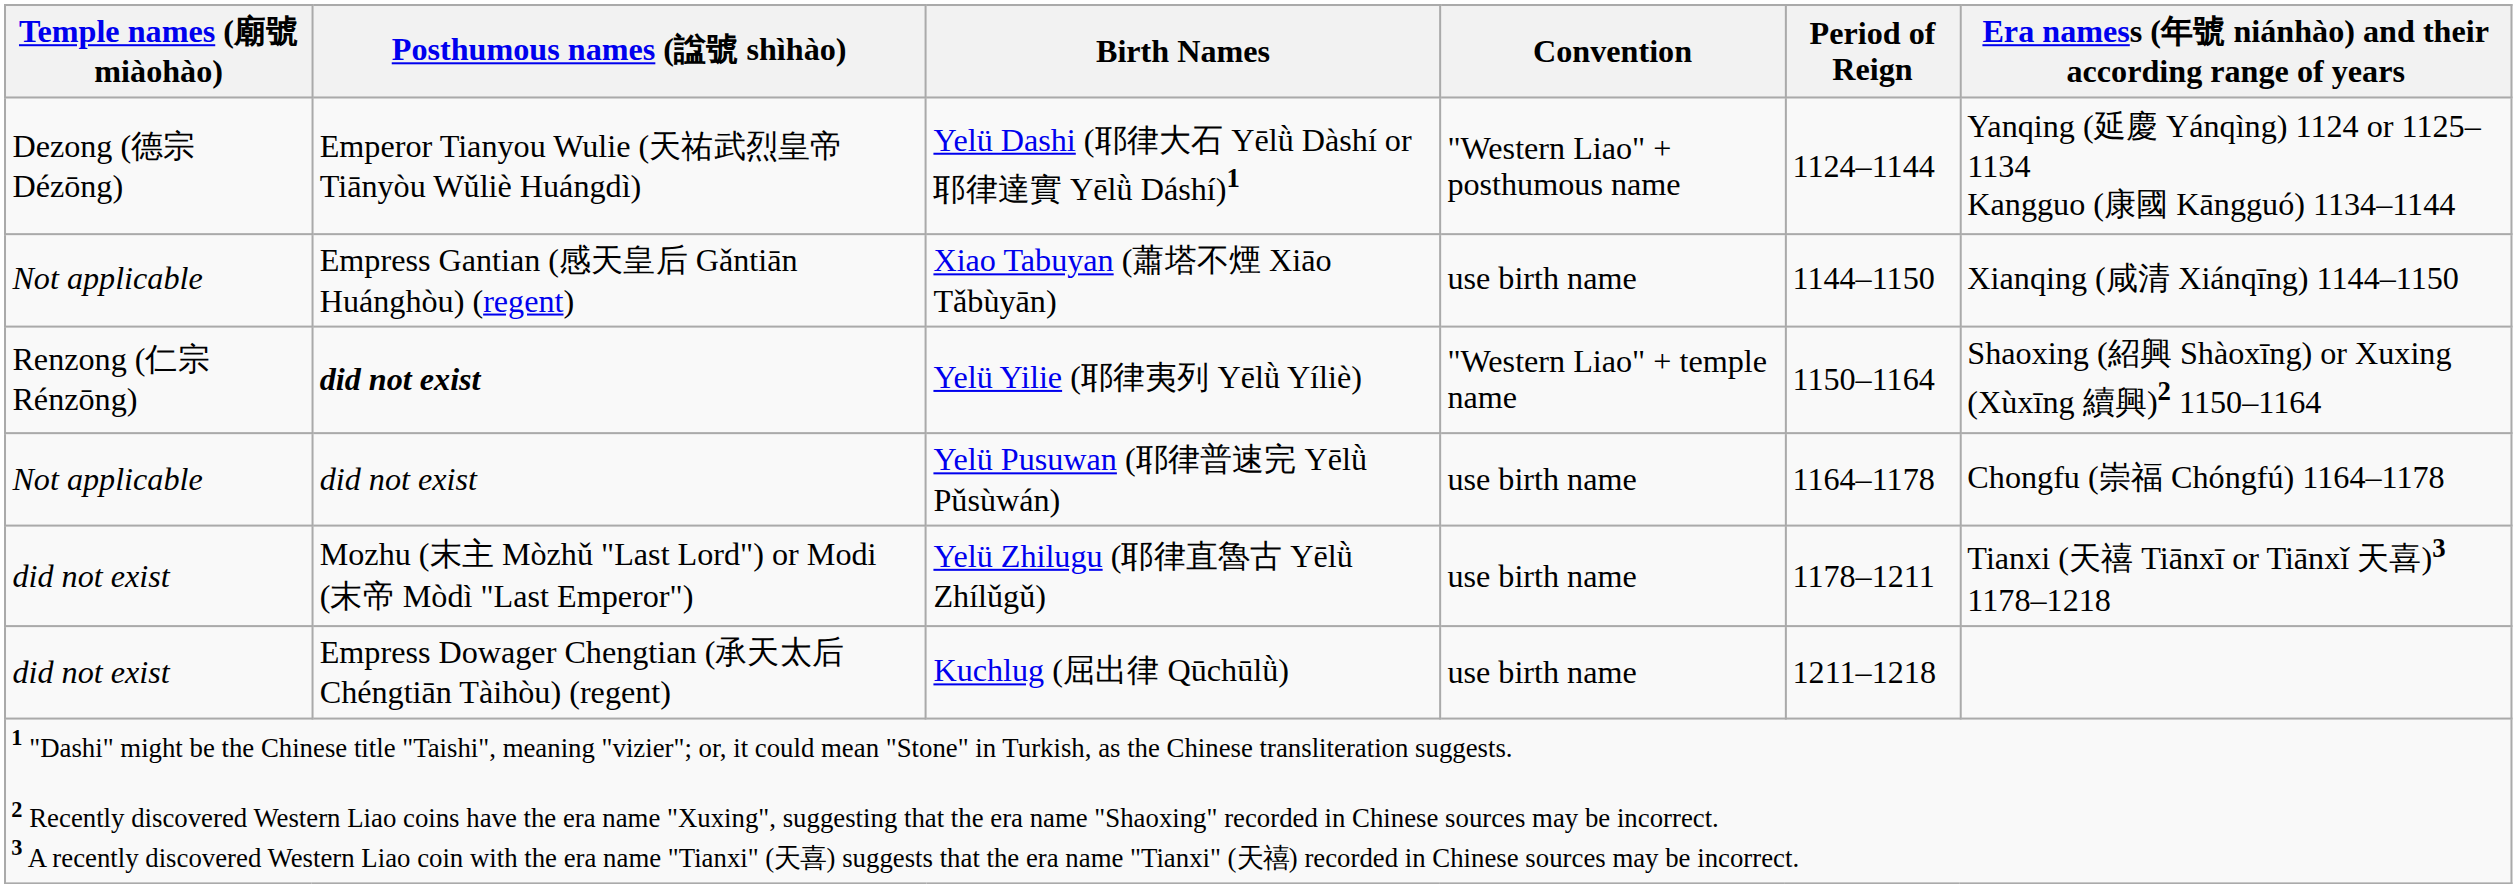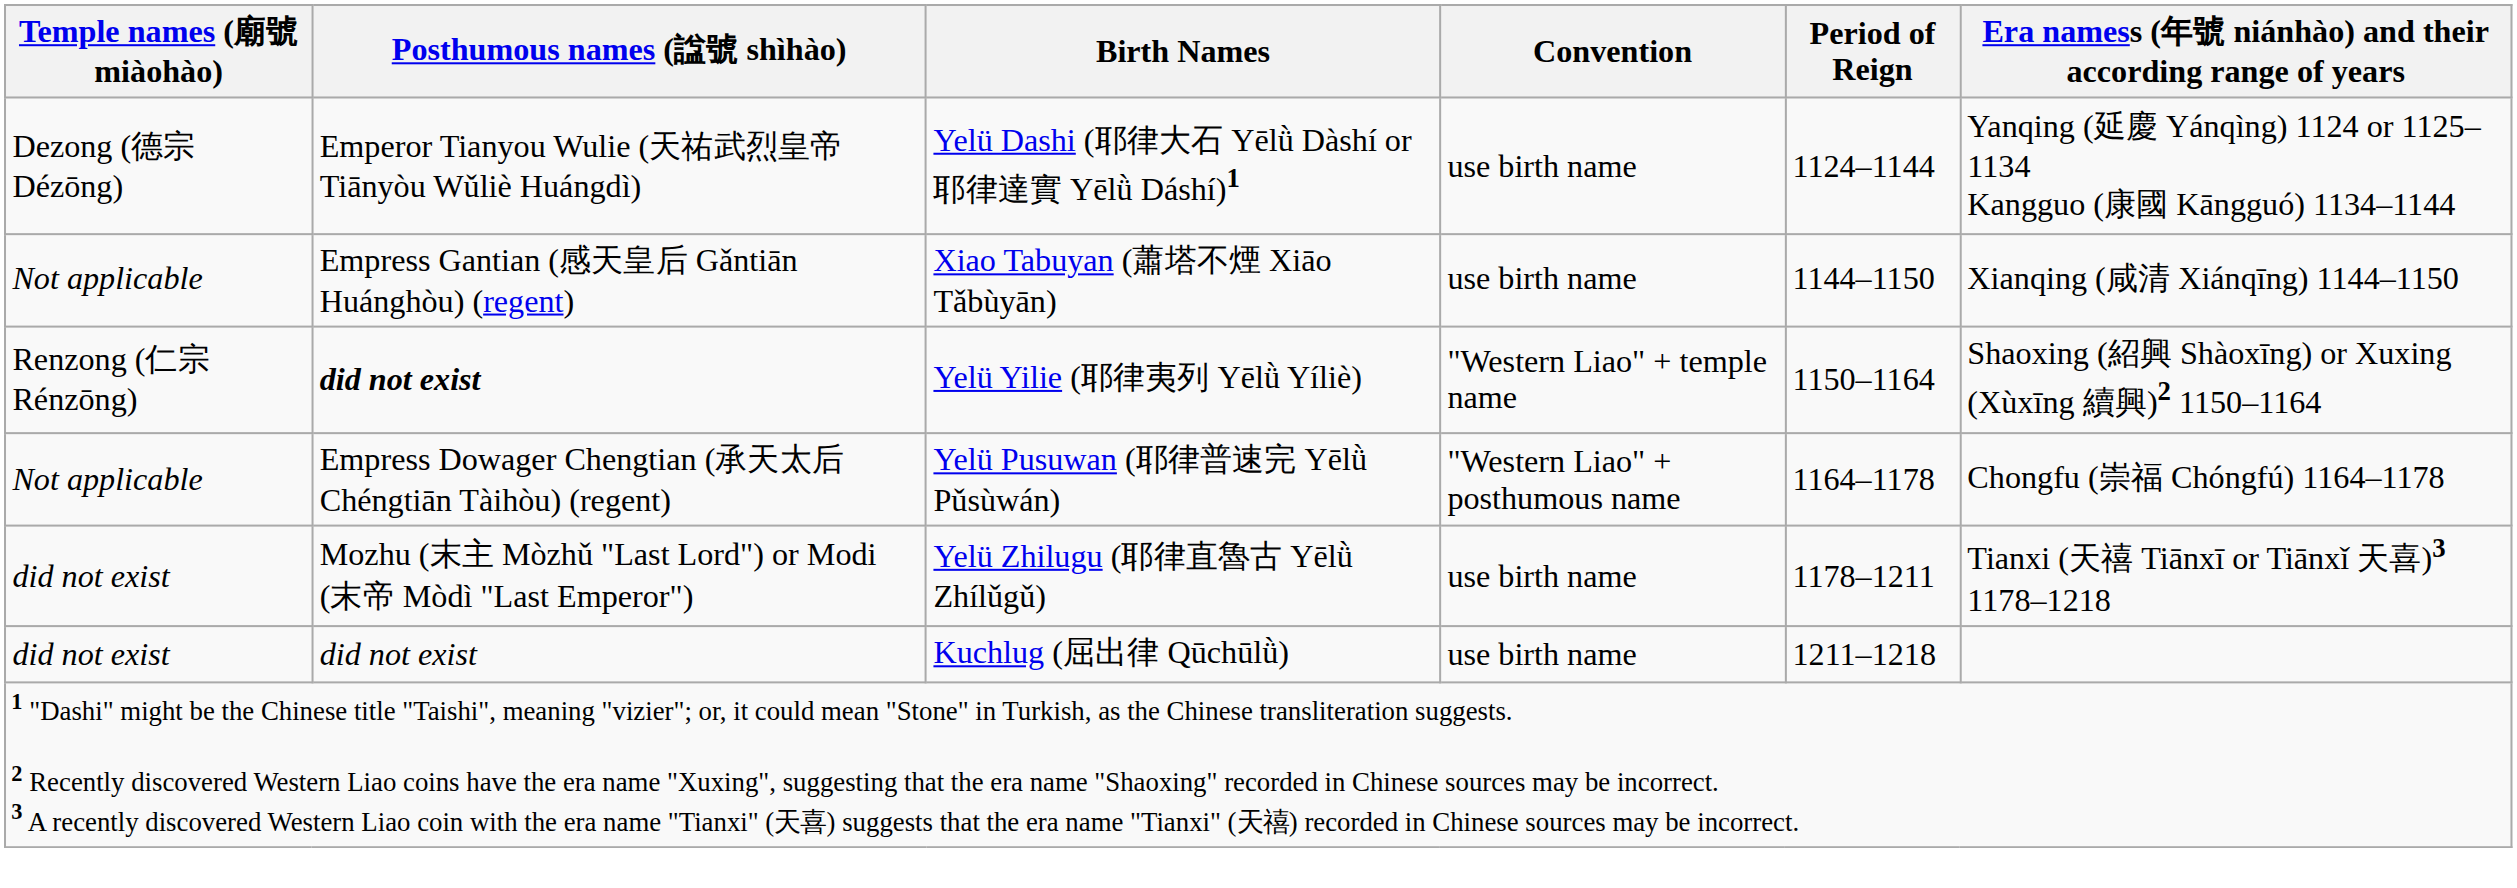 <table class="wikitable">
 <tr>
 <th><a href='#'>Temple names</a> (廟號 miàohào)</th>
 <th><a href='#'>Posthumous names</a> (諡號 shìhào)</th>
 <th>Birth Names</th>
 <th>Convention</th>
 <th>Period of Reign</th>
 <th><a href='#'>Era names</a>s (年號 niánhào) and their according range of years</th>
 </tr>
 <tr>
 <td>Dezong (德宗 Dézōng)</td>
 <td>Emperor Tianyou Wulie (天祐武烈皇帝 Tiānyòu Wǔliè Huángdì)</td>
 <td><a href='#'>Yelü Dashi</a> (耶律大石 Yēlǜ Dàshí or 耶律達實 Yēlǜ Dáshí)<sup><strong>1</strong></sup></td>
-<td>"Western Liao" + posthumous name</td>
+<td>use birth name</td>
 <td>1124–1144</td>
 <td>Yanqing (延慶 Yánqìng) 1124 or 1125–1134<br>Kangguo (康國 Kāngguó) 1134–1144</td>
 </tr>
 <tr>
 <td><em>Not applicable</em></td>
 <td>Empress Gantian (感天皇后 Gǎntiān Huánghòu) (<a href='#'>regent</a>)</td>
 <td><a href='#'>Xiao Tabuyan</a> (蕭塔不煙 Xiāo Tǎbùyān)</td>
 <td>use birth name</td>
 <td>1144–1150</td>
 <td>Xianqing (咸清 Xiánqīng) 1144–1150</td>
 </tr>
 <tr>
 <td>Renzong (仁宗 Rénzōng)</td>
 <td><strong><em>did not exist</em></strong></td>
 <td><a href='#'>Yelü Yilie</a> (耶律夷列 Yēlǜ Yíliè)</td>
 <td>"Western Liao" + temple name</td>
 <td>1150–1164</td>
 <td>Shaoxing (紹興 Shàoxīng) or Xuxing (Xùxīng 續興)<sup><strong>2</strong></sup> 1150–1164</td>
 </tr>
 <tr>
 <td><em>Not applicable</em></td>
-<td><em>did not exist</em></td>
+<td>Empress Dowager Chengtian (承天太后 Chéngtiān Tàihòu) (regent)</td>
 <td><a href='#'>Yelü Pusuwan</a> (耶律普速完 Yēlǜ Pǔsùwán)</td>
-<td>use birth name</td>
+<td>"Western Liao" + posthumous name</td>
 <td>1164–1178</td>
 <td>Chongfu (崇福 Chóngfú) 1164–1178</td>
 </tr>
 <tr>
 <td><em>did not exist</em></td>
 <td>Mozhu (末主 Mòzhǔ "Last Lord") or Modi (末帝 Mòdì "Last Emperor")</td>
 <td><a href='#'>Yelü Zhilugu</a> (耶律直魯古 Yēlǜ Zhílǔgǔ)</td>
 <td>use birth name</td>
 <td>1178–1211</td>
 <td>Tianxi (天禧 Tiānxī or Tiānxǐ 天喜)<sup><strong>3</strong></sup> 1178–1218</td>
 </tr>
 <tr>
 <td><em>did not exist</em></td>
-<td>Empress Dowager Chengtian (承天太后 Chéngtiān Tàihòu) (regent)</td>
+<td><em>did not exist</em></td>
 <td><a href='#'>Kuchlug</a> (屈出律 Qūchūlǜ)</td>
 <td>use birth name</td>
 <td>1211–1218</td>
 <td></td>
 </tr>
 <tr>
 <td colspan=6 style="font-size: smaller;"><strong><sup>1</sup></strong> "Dashi" might be the Chinese title "Taishi", meaning "vizier"; or, it could mean "Stone" in Turkish, as the Chinese transliteration suggests.<br><br><strong><sup>2</sup></strong> Recently discovered Western Liao coins have the era name "Xuxing", suggesting that the era name "Shaoxing" recorded in Chinese sources may be incorrect.<br> <strong><sup>3</sup></strong> A recently discovered Western Liao coin with the era name "Tianxi" (天喜) suggests that the era name "Tianxi" (天禧) recorded in Chinese sources may be incorrect.</td>
 </tr>
 </table>
